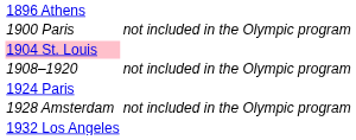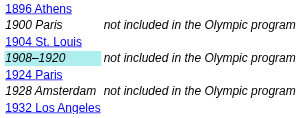 <table>
 <tr>
 <td><a href='#'>1896 Athens</a><br></td>
 <td></td>
 <td></td>
 <td></td>
 </tr>
 <tr>
 <td><em>1900 Paris</em></td>
 <td colspan=3 align=center><em>not included in the Olympic program</em></td>
 </tr>
 <tr>
-<td style="background: pink;"><a href='#'>1904 St. Louis</a><br></td>
+<td><a href='#'>1904 St. Louis</a><br></td>
 <td></td>
 <td></td>
 <td></td>
 </tr>
 <tr>
-<td><em>1908–1920</em></td>
+<td style="background: paleturquoise;"><em>1908–1920</em></td>
 <td colspan=3 align=center><em>not included in the Olympic program</em></td>
 </tr>
 <tr>
 <td rowspan="2"><a href='#'>1924 Paris</a><br></td>
 <td rowspan="2"></td>
 <td rowspan="2"></td>
 <td></td>
 </tr>
 <tr>
 <td></td>
 </tr>
 <tr>
 <td><em>1928 Amsterdam</em></td>
 <td colspan=3 align=center><em>not included in the Olympic program</em></td>
 </tr>
 <tr>
 <td><a href='#'>1932 Los Angeles</a><br></td>
 <td></td>
 <td></td>
 <td></td>
 </tr>
 </table>
